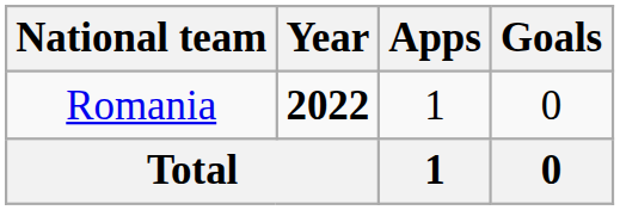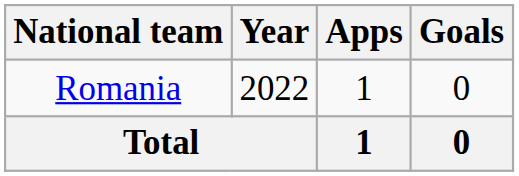 <table class="wikitable" style="text-align: center;">
 <tr>
 <th>National team</th>
 <th>Year</th>
 <th>Apps</th>
 <th>Goals</th>
 </tr>
 <tr>
 <td rowspan="1"><a href='#'>Romania</a></td>
-<td><strong>2022</strong></td>
+<td>2022</td>
 <td>1</td>
 <td>0</td>
 </tr>
 <tr>
 <th colspan="2">Total</th>
 <th>1</th>
 <th>0</th>
 </tr>
 </table>
